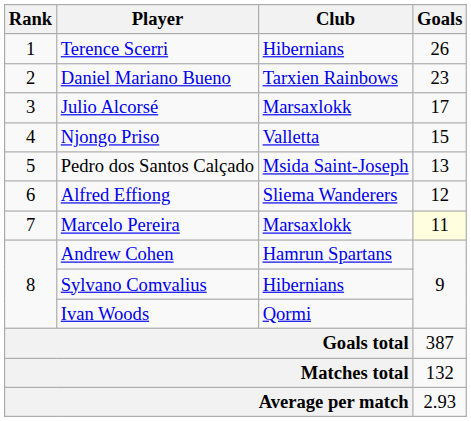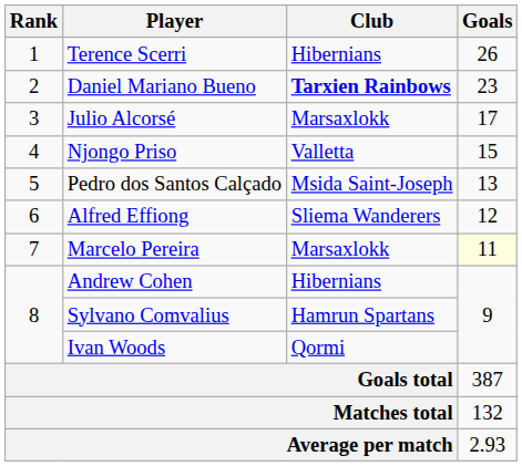 <table class="wikitable" style="text-align:center">
 <tr>
 <th>Rank</th>
 <th>Player</th>
 <th>Club</th>
 <th>Goals</th>
 </tr>
 <tr>
 <td>1</td>
 <td align="left"> <a href='#'>Terence Scerri</a></td>
 <td align="left"><a href='#'>Hibernians</a></td>
 <td>26</td>
 </tr>
 <tr>
 <td>2</td>
 <td align="left"> <a href='#'>Daniel Mariano Bueno</a></td>
-<td align="left"><a href='#'>Tarxien Rainbows</a></td>
+<td align="left"><strong><a href='#'>Tarxien Rainbows</a></strong></td>
 <td>23</td>
 </tr>
 <tr>
 <td>3</td>
 <td align="left"> <a href='#'>Julio Alcorsé</a></td>
 <td align="left"><a href='#'>Marsaxlokk</a></td>
 <td>17</td>
 </tr>
 <tr>
 <td>4</td>
 <td align="left"> <a href='#'>Njongo Priso</a></td>
 <td align="left"><a href='#'>Valletta</a></td>
 <td>15</td>
 </tr>
 <tr>
 <td>5</td>
 <td align="left"> Pedro dos Santos Calçado</td>
 <td align="left"><a href='#'>Msida Saint-Joseph</a></td>
 <td>13</td>
 </tr>
 <tr>
 <td>6</td>
 <td align="left"> <a href='#'>Alfred Effiong</a></td>
 <td align="left"><a href='#'>Sliema Wanderers</a></td>
 <td>12</td>
 </tr>
 <tr>
 <td>7</td>
 <td align="left"> <a href='#'>Marcelo Pereira</a></td>
 <td align="left"><a href='#'>Marsaxlokk</a></td>
 <td style="background: lightyellow;">11</td>
 </tr>
 <tr>
 <td rowspan="3">8</td>
 <td align="left"> <a href='#'>Andrew Cohen</a></td>
-<td align="left"><a href='#'>Hamrun Spartans</a></td>
+<td align="left"><a href='#'>Hibernians</a></td>
 <td rowspan="3">9</td>
 </tr>
 <tr>
 <td align="left"> <a href='#'>Sylvano Comvalius</a></td>
-<td align="left"><a href='#'>Hibernians</a></td>
+<td align="left"><a href='#'>Hamrun Spartans</a></td>
 </tr>
 <tr>
 <td align="left"> <a href='#'>Ivan Woods</a></td>
 <td align="left"><a href='#'>Qormi</a></td>
 </tr>
 <tr>
 <td bgcolor=#F2F2F2 colspan=3 align=right><strong>Goals total</strong></td>
 <td align=center>387</td>
 </tr>
 <tr>
 <td bgcolor=#F2F2F2 colspan=3 align=right><strong>Matches total</strong></td>
 <td align=center>132</td>
 </tr>
 <tr>
 <td bgcolor=#F2F2F2 colspan=3 align=right><strong>Average per match</strong></td>
 <td align=center>2.93</td>
 </tr>
 </table>
